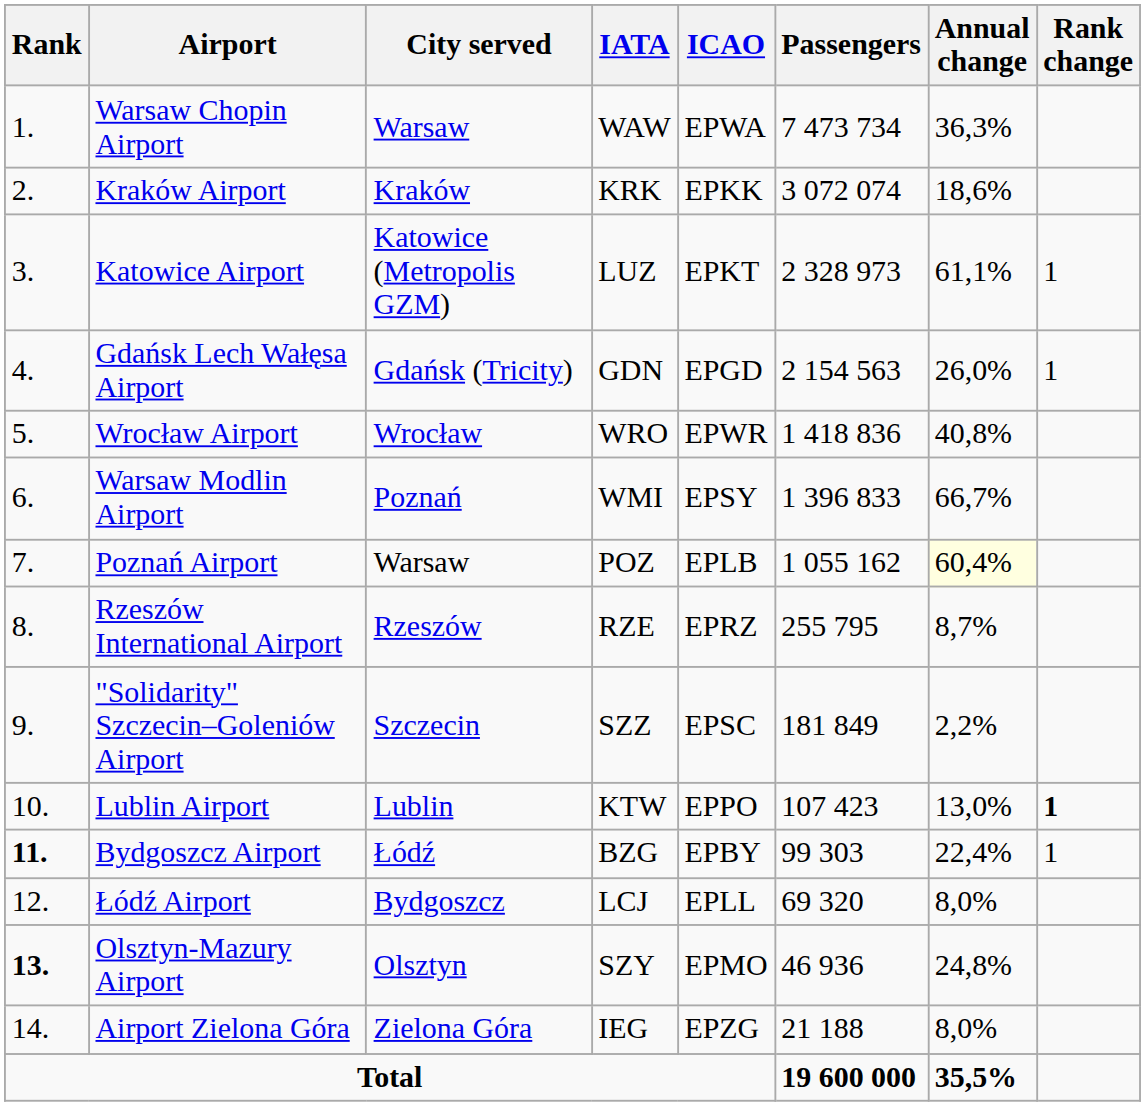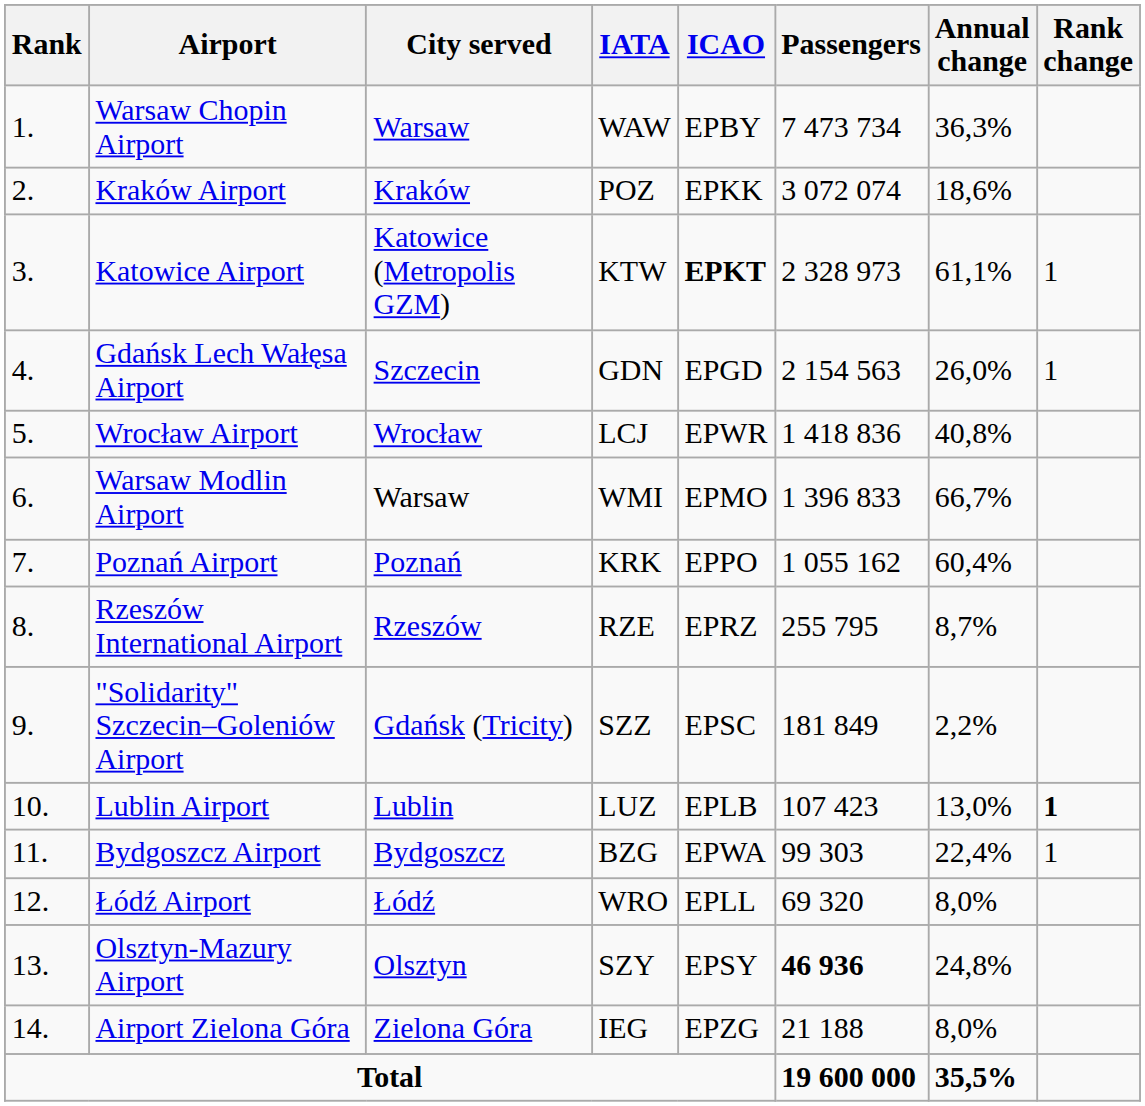 <table class="wikitable sortable">
 <tr>
 <th>Rank</th>
 <th>Airport</th>
 <th>City served</th>
 <th><a href='#'>IATA</a><br></th>
 <th><a href='#'>ICAO</a><br></th>
 <th>Passengers</th>
 <th>Annual<br>change</th>
 <th>Rank<br>change</th>
 </tr>
 <tr>
 <td>1.</td>
 <td><a href='#'>Warsaw Chopin Airport</a></td>
 <td><a href='#'>Warsaw</a></td>
 <td>WAW</td>
-<td>EPWA</td>
+<td>EPBY</td>
 <td>7 473 734</td>
 <td>36,3%</td>
 <td></td>
 </tr>
 <tr>
 <td>2.</td>
 <td><a href='#'>Kraków Airport</a></td>
 <td><a href='#'>Kraków</a></td>
-<td>KRK</td>
+<td>POZ</td>
 <td>EPKK</td>
 <td>3 072 074</td>
 <td>18,6%</td>
 <td></td>
 </tr>
 <tr>
 <td>3.</td>
 <td><a href='#'>Katowice Airport</a></td>
 <td><a href='#'>Katowice</a> (<a href='#'>Metropolis GZM</a>)</td>
-<td>LUZ</td>
-<td>EPKT</td>
+<td>KTW</td>
+<td><strong>EPKT</strong></td>
 <td>2 328 973</td>
 <td>61,1%</td>
 <td>1</td>
 </tr>
 <tr>
 <td>4.</td>
 <td><a href='#'>Gdańsk Lech Wałęsa Airport</a></td>
-<td><a href='#'>Gdańsk</a> (<a href='#'>Tricity</a>)</td>
+<td><a href='#'>Szczecin</a></td>
 <td>GDN</td>
 <td>EPGD</td>
 <td>2 154 563</td>
 <td>26,0%</td>
 <td>1</td>
 </tr>
 <tr>
 <td>5.</td>
 <td><a href='#'>Wrocław Airport</a></td>
 <td><a href='#'>Wrocław</a></td>
-<td>WRO</td>
+<td>LCJ</td>
 <td>EPWR</td>
 <td>1 418 836</td>
 <td>40,8%</td>
 <td></td>
 </tr>
 <tr>
 <td>6.</td>
 <td><a href='#'>Warsaw Modlin Airport</a></td>
-<td><a href='#'>Poznań</a></td>
+<td>Warsaw</td>
 <td>WMI</td>
-<td>EPSY</td>
+<td>EPMO</td>
 <td>1 396 833</td>
 <td>66,7%</td>
 <td></td>
 </tr>
 <tr>
 <td>7.</td>
 <td><a href='#'>Poznań Airport</a></td>
-<td>Warsaw</td>
-<td>POZ</td>
-<td>EPLB</td>
+<td><a href='#'>Poznań</a></td>
+<td>KRK</td>
+<td>EPPO</td>
 <td>1 055 162</td>
-<td style="background: lightyellow;">60,4%</td>
+<td>60,4%</td>
 <td></td>
 </tr>
 <tr>
 <td>8.</td>
 <td><a href='#'>Rzeszów International Airport</a></td>
 <td><a href='#'>Rzeszów</a></td>
 <td>RZE</td>
 <td>EPRZ</td>
 <td>255 795</td>
 <td>8,7%</td>
 <td></td>
 </tr>
 <tr>
 <td>9.</td>
 <td><a href='#'>"Solidarity" Szczecin–Goleniów Airport</a></td>
-<td><a href='#'>Szczecin</a></td>
+<td><a href='#'>Gdańsk</a> (<a href='#'>Tricity</a>)</td>
 <td>SZZ</td>
 <td>EPSC</td>
 <td>181 849</td>
 <td>2,2%</td>
 <td></td>
 </tr>
 <tr>
 <td>10.</td>
 <td><a href='#'>Lublin Airport</a></td>
 <td><a href='#'>Lublin</a></td>
-<td>KTW</td>
-<td>EPPO</td>
+<td>LUZ</td>
+<td>EPLB</td>
 <td>107 423</td>
 <td>13,0%</td>
 <td><strong>1</strong></td>
 </tr>
 <tr>
-<td><strong>11.</strong></td>
+<td>11.</td>
 <td><a href='#'>Bydgoszcz Airport</a></td>
-<td><a href='#'>Łódź</a></td>
+<td><a href='#'>Bydgoszcz</a></td>
 <td>BZG</td>
-<td>EPBY</td>
+<td>EPWA</td>
 <td>99 303</td>
 <td>22,4%</td>
 <td>1</td>
 </tr>
 <tr>
 <td>12.</td>
 <td><a href='#'>Łódź Airport</a></td>
-<td><a href='#'>Bydgoszcz</a></td>
-<td>LCJ</td>
+<td><a href='#'>Łódź</a></td>
+<td>WRO</td>
 <td>EPLL</td>
 <td>69 320</td>
 <td>8,0%</td>
 <td></td>
 </tr>
 <tr>
-<td><strong>13.</strong></td>
+<td>13.</td>
 <td><a href='#'>Olsztyn-Mazury Airport</a></td>
 <td><a href='#'>Olsztyn</a></td>
 <td>SZY</td>
-<td>EPMO</td>
-<td>46 936</td>
+<td>EPSY</td>
+<td><strong>46 936</strong></td>
 <td>24,8%</td>
 <td></td>
 </tr>
 <tr>
 <td>14.</td>
 <td><a href='#'>Airport Zielona Góra</a></td>
 <td><a href='#'>Zielona Góra</a></td>
 <td>IEG</td>
 <td>EPZG</td>
 <td>21 188</td>
 <td>8,0%</td>
 <td></td>
 </tr>
 <tr>
 <td colspan=5 style="text-align:center"><strong>Total</strong></td>
 <td><strong>19 600 000 </strong></td>
 <td><strong>35,5%</strong></td>
 </tr>
 </table>
